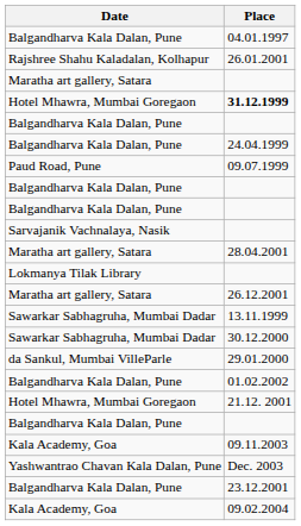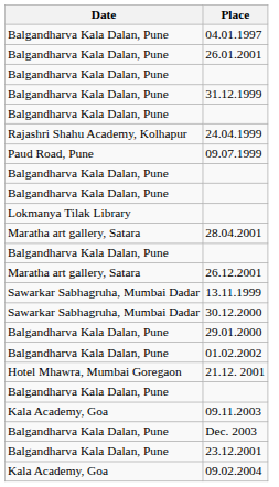 <table class="wikitable">
 <tr>
 <th>Date</th>
 <th>Place</th>
 </tr>
 <tr>
 <td>Balgandharva Kala Dalan, Pune</td>
 <td>04.01.1997</td>
 </tr>
 <tr>
-<td>Rajshree Shahu Kaladalan, Kolhapur</td>
+<td>Balgandharva Kala Dalan, Pune</td>
 <td>26.01.2001</td>
-</tr>
-<tr>
-<td>Maratha art gallery, Satara</td>
-<td></td>
-</tr>
-<tr>
-<td>Hotel Mhawra, Mumbai Goregaon</td>
-<td><strong>31.12.1999</strong></td>
 </tr>
 <tr>
 <td>Balgandharva Kala Dalan, Pune</td>
 <td></td>
 </tr>
 <tr>
 <td>Balgandharva Kala Dalan, Pune</td>
+<td>31.12.1999</td>
+</tr>
+<tr>
+<td>Balgandharva Kala Dalan, Pune</td>
+<td></td>
+</tr>
+<tr>
+<td>Rajashri Shahu Academy, Kolhapur</td>
 <td>24.04.1999</td>
 </tr>
 <tr>
 <td>Paud Road, Pune</td>
 <td>09.07.1999</td>
 </tr>
 <tr>
 <td>Balgandharva Kala Dalan, Pune</td>
 <td></td>
 </tr>
 <tr>
 <td>Balgandharva Kala Dalan, Pune</td>
 <td></td>
 </tr>
 <tr>
-<td>Sarvajanik Vachnalaya, Nasik</td>
+<td>Lokmanya Tilak Library</td>
 <td></td>
 </tr>
 <tr>
 <td>Maratha art gallery, Satara</td>
 <td>28.04.2001</td>
 </tr>
 <tr>
-<td>Lokmanya Tilak Library</td>
+<td>Balgandharva Kala Dalan, Pune</td>
 <td></td>
 </tr>
 <tr>
 <td>Maratha art gallery, Satara</td>
 <td>26.12.2001</td>
 </tr>
 <tr>
 <td>Sawarkar Sabhagruha, Mumbai Dadar</td>
 <td>13.11.1999</td>
 </tr>
 <tr>
 <td>Sawarkar Sabhagruha, Mumbai Dadar</td>
 <td>30.12.2000</td>
 </tr>
 <tr>
-<td Thakre Kr>da Sankul, Mumbai VilleParle</td>
+<td>Balgandharva Kala Dalan, Pune</td>
 <td>29.01.2000</td>
 </tr>
 <tr>
 <td>Balgandharva Kala Dalan, Pune</td>
 <td>01.02.2002</td>
 </tr>
 <tr>
 <td>Hotel Mhawra, Mumbai Goregaon</td>
 <td>21.12. 2001</td>
 </tr>
 <tr>
 <td>Balgandharva Kala Dalan, Pune</td>
 <td></td>
 </tr>
 <tr>
 <td>Kala Academy, Goa</td>
 <td>09.11.2003</td>
 </tr>
 <tr>
-<td>Yashwantrao Chavan Kala Dalan, Pune</td>
+<td>Balgandharva Kala Dalan, Pune</td>
 <td>Dec. 2003</td>
 </tr>
 <tr>
 <td>Balgandharva Kala Dalan, Pune</td>
 <td>23.12.2001</td>
 </tr>
 <tr>
 <td>Kala Academy, Goa</td>
 <td>09.02.2004</td>
 </tr>
 </table>
